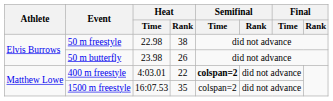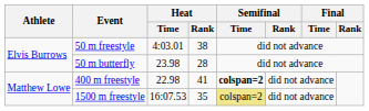 <table class="wikitable"  style="font-size:90%">
 <tr>
 <th rowspan="2">Athlete</th>
 <th rowspan="2">Event</th>
 <th colspan="2">Heat</th>
 <th colspan="2">Semifinal</th>
 <th colspan="2">Final</th>
 </tr>
 <tr style="font-size:95%">
 <th>Time</th>
 <th>Rank</th>
 <th>Time</th>
 <th>Rank</th>
 <th>Time</th>
 <th>Rank</th>
 </tr>
 <tr align=center>
 <td align=left rowspan=2><a href='#'>Elvis Burrows</a></td>
 <td align=left><a href='#'>50 m freestyle</a></td>
-<td>22.98</td>
+<td>4:03.01</td>
 <td>38</td>
 <td colspan=4>did not advance</td>
 </tr>
 <tr align=center>
 <td align=left><a href='#'>50 m butterfly</a></td>
 <td>23.98</td>
-<td>26</td>
+<td>28</td>
 <td colspan=4>did not advance</td>
 </tr>
 <tr align=center>
 <td align=left rowspan=2><a href='#'>Matthew Lowe</a></td>
 <td align=left><a href='#'>400 m freestyle</a></td>
-<td>4:03.01</td>
-<td>22</td>
+<td>22.98</td>
+<td>41</td>
 <td><strong>colspan=2 </strong></td>
 <td colspan=2>did not advance</td>
 </tr>
 <tr align=center>
 <td align=left><a href='#'>1500 m freestyle</a></td>
 <td>16:07.53</td>
 <td>35</td>
-<td>colspan=2 </td>
+<td style="background: khaki;">colspan=2 </td>
 <td colspan=2>did not advance</td>
 </tr>
 </table>
